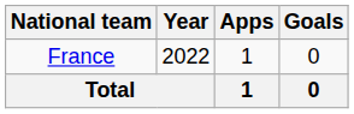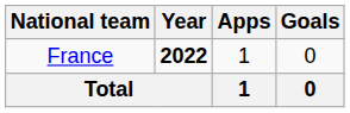 <table class="wikitable" style="text-align: center;">
 <tr>
 <th>National team</th>
 <th>Year</th>
 <th>Apps</th>
 <th>Goals</th>
 </tr>
 <tr>
 <td><a href='#'>France</a></td>
-<td>2022</td>
+<td><strong>2022</strong></td>
 <td>1</td>
 <td>0</td>
 </tr>
 <tr>
 <th colspan="2">Total</th>
 <th>1</th>
 <th>0</th>
 </tr>
 </table>
